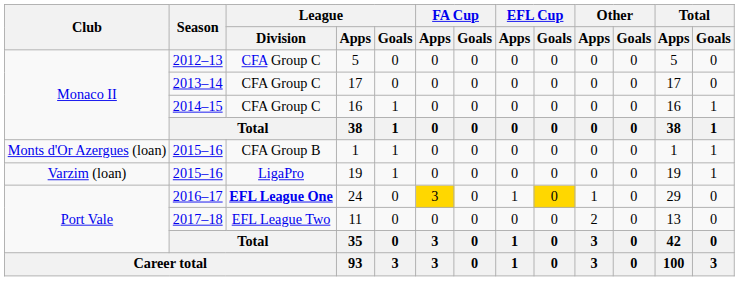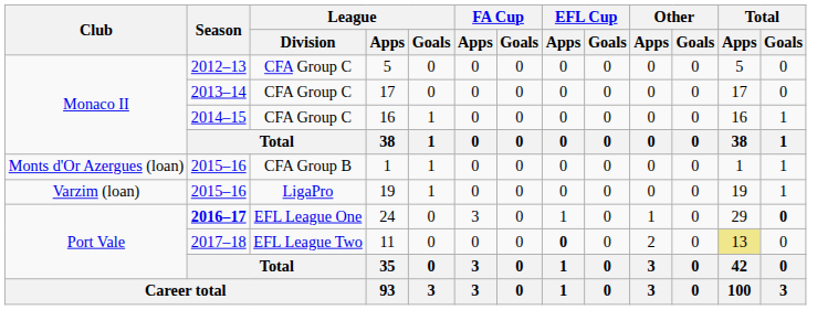 <table class="wikitable" style="text-align:center">
 <tr>
 <th rowspan="2">Club</th>
 <th rowspan="2">Season</th>
 <th colspan="3">League</th>
 <th colspan="2"><a href='#'>FA Cup</a></th>
 <th colspan="2"><a href='#'>EFL Cup</a></th>
 <th colspan="2">Other</th>
 <th colspan="2">Total</th>
 </tr>
 <tr>
 <th>Division</th>
 <th>Apps</th>
 <th>Goals</th>
 <th>Apps</th>
 <th>Goals</th>
 <th>Apps</th>
 <th>Goals</th>
 <th>Apps</th>
 <th>Goals</th>
 <th>Apps</th>
 <th>Goals</th>
 </tr>
 <tr>
 <td rowspan="4"><a href='#'>Monaco II</a></td>
 <td><a href='#'>2012–13</a></td>
 <td><a href='#'>CFA</a> Group C</td>
 <td>5</td>
 <td>0</td>
 <td>0</td>
 <td>0</td>
 <td>0</td>
 <td>0</td>
 <td>0</td>
 <td>0</td>
 <td>5</td>
 <td>0</td>
 </tr>
 <tr>
 <td><a href='#'>2013–14</a></td>
 <td>CFA Group C</td>
 <td>17</td>
 <td>0</td>
 <td>0</td>
 <td>0</td>
 <td>0</td>
 <td>0</td>
 <td>0</td>
 <td>0</td>
 <td>17</td>
 <td>0</td>
 </tr>
 <tr>
 <td><a href='#'>2014–15</a></td>
 <td>CFA Group C</td>
 <td>16</td>
 <td>1</td>
 <td>0</td>
 <td>0</td>
 <td>0</td>
 <td>0</td>
 <td>0</td>
 <td>0</td>
 <td>16</td>
 <td>1</td>
 </tr>
 <tr>
 <th colspan="2">Total</th>
 <th>38</th>
 <th>1</th>
 <th>0</th>
 <th>0</th>
 <th>0</th>
 <th>0</th>
 <th>0</th>
 <th>0</th>
 <th>38</th>
 <th>1</th>
 </tr>
 <tr>
 <td><a href='#'>Monts d'Or Azergues</a> (loan)</td>
 <td><a href='#'>2015–16</a></td>
 <td>CFA Group B</td>
 <td>1</td>
 <td>1</td>
 <td>0</td>
 <td>0</td>
 <td>0</td>
 <td>0</td>
 <td>0</td>
 <td>0</td>
 <td>1</td>
 <td>1</td>
 </tr>
 <tr>
 <td><a href='#'>Varzim</a> (loan)</td>
 <td><a href='#'>2015–16</a></td>
 <td><a href='#'>LigaPro</a></td>
 <td>19</td>
 <td>1</td>
 <td>0</td>
 <td>0</td>
 <td>0</td>
 <td>0</td>
 <td>0</td>
 <td>0</td>
 <td>19</td>
 <td>1</td>
 </tr>
 <tr>
 <td rowspan="3"><a href='#'>Port Vale</a></td>
-<td><a href='#'>2016–17</a></td>
-<td><strong><a href='#'>EFL League One</a></strong></td>
+<td><strong><a href='#'>2016–17</a></strong></td>
+<td><a href='#'>EFL League One</a></td>
 <td>24</td>
 <td>0</td>
-<td style="background: gold;">3</td>
+<td>3</td>
 <td>0</td>
 <td>1</td>
-<td style="background: gold;">0</td>
+<td>0</td>
 <td>1</td>
 <td>0</td>
 <td>29</td>
-<td>0</td>
+<td><strong>0</strong></td>
 </tr>
 <tr>
 <td><a href='#'>2017–18</a></td>
 <td><a href='#'>EFL League Two</a></td>
 <td>11</td>
 <td>0</td>
 <td>0</td>
 <td>0</td>
-<td>0</td>
+<td><strong>0</strong></td>
 <td>0</td>
 <td>2</td>
 <td>0</td>
-<td>13</td>
+<td style="background: khaki;">13</td>
 <td>0</td>
 </tr>
 <tr>
 <th colspan="2">Total</th>
 <th>35</th>
 <th>0</th>
 <th>3</th>
 <th>0</th>
 <th>1</th>
 <th>0</th>
 <th>3</th>
 <th>0</th>
 <th>42</th>
 <th>0</th>
 </tr>
 <tr>
 <th colspan="3">Career total</th>
 <th>93</th>
 <th>3</th>
 <th>3</th>
 <th>0</th>
 <th>1</th>
 <th>0</th>
 <th>3</th>
 <th>0</th>
 <th>100</th>
 <th>3</th>
 </tr>
 </table>
